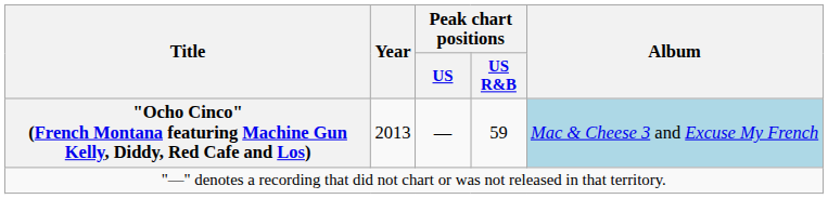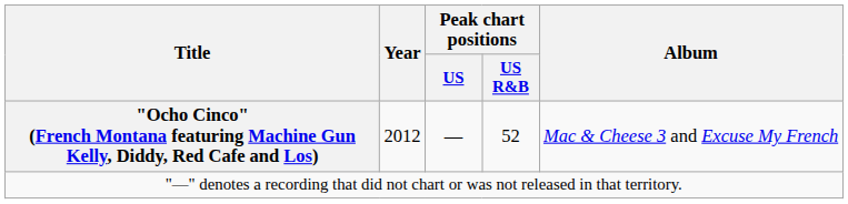 <table class="wikitable plainrowheaders" style="text-align:center;">
 <tr>
 <th scope="col" rowspan="2" style="width:20em;">Title</th>
 <th scope="col" rowspan="2">Year</th>
 <th scope="col" colspan="2">Peak chart positions</th>
 <th scope="col" rowspan="2">Album</th>
 </tr>
 <tr>
 <th style="width:3em;font-size:90%;"><a href='#'>US</a></th>
 <th style="width:3em;font-size:90%;"><a href='#'>US<br>R&B</a><br></th>
 </tr>
 <tr>
 <th scope="row">"Ocho Cinco"<br><span>(<a href='#'>French Montana</a> featuring <a href='#'>Machine Gun Kelly</a>, Diddy, Red Cafe and <a href='#'>Los</a>)</span></th>
-<td>2013</td>
+<td>2012</td>
 <td>—</td>
-<td>59</td>
-<td style="background: lightblue;"><em><a href='#'>Mac & Cheese 3</a></em> and <em><a href='#'>Excuse My French</a></em></td>
+<td>52</td>
+<td><em><a href='#'>Mac & Cheese 3</a></em> and <em><a href='#'>Excuse My French</a></em></td>
 </tr>
 <tr>
 <td colspan="5" style="font-size:90%">"—" denotes a recording that did not chart or was not released in that territory.</td>
 </tr>
 </table>
